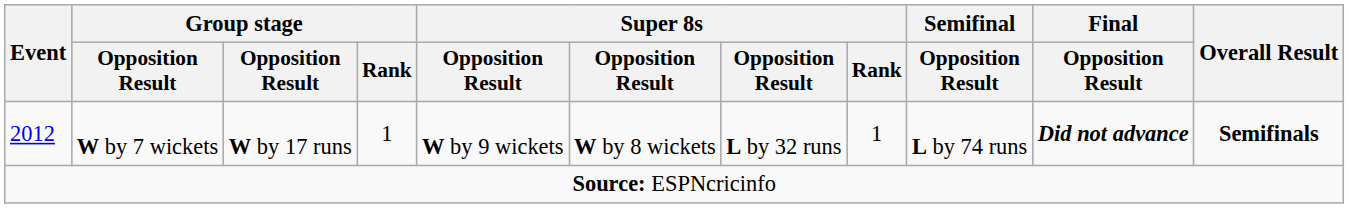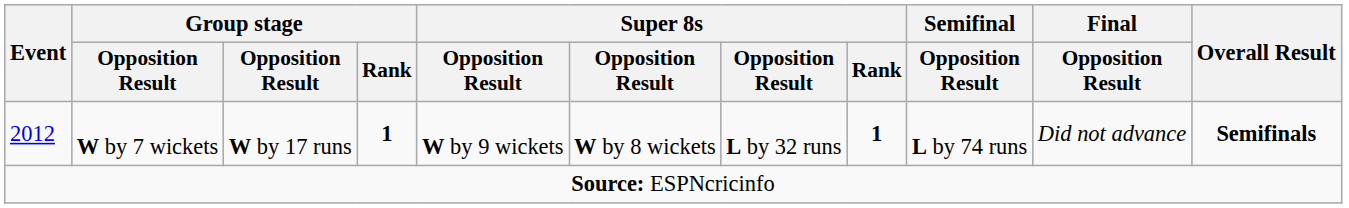 <table class=wikitable style=font-size:90%;text-align:center>
 <tr>
 <th rowspan=2>Event</th>
 <th colspan=3>Group stage</th>
 <th colspan=4>Super 8s</th>
 <th>Semifinal</th>
 <th>Final</th>
 <th rowspan=2>Overall Result</th>
 </tr>
 <tr style=font-size:95%>
 <th>Opposition<br>Result</th>
 <th>Opposition<br>Result</th>
 <th>Rank</th>
 <th>Opposition<br>Result</th>
 <th>Opposition<br>Result</th>
 <th>Opposition<br>Result</th>
 <th>Rank</th>
 <th>Opposition<br>Result</th>
 <th>Opposition<br>Result</th>
 </tr>
 <tr>
 <td align=left><a href='#'>2012</a></td>
 <td><br><strong>W</strong> by 7 wickets</td>
 <td><br><strong>W</strong> by 17 runs</td>
-<td>1</td>
+<td><strong>1</strong></td>
 <td><br><strong>W</strong> by 9 wickets</td>
 <td><br><strong>W</strong> by 8 wickets</td>
 <td><br><strong>L</strong> by 32 runs</td>
-<td>1</td>
+<td><strong>1</strong></td>
 <td><br> <strong>L</strong> by 74 runs</td>
-<td><strong><em>Did not advance</em></strong></td>
+<td><em>Did not advance</em></td>
 <td><strong>Semifinals</strong></td>
 </tr>
 <tr>
 <td colspan="11"><strong>Source:</strong> ESPNcricinfo</td>
 </tr>
 </table>
